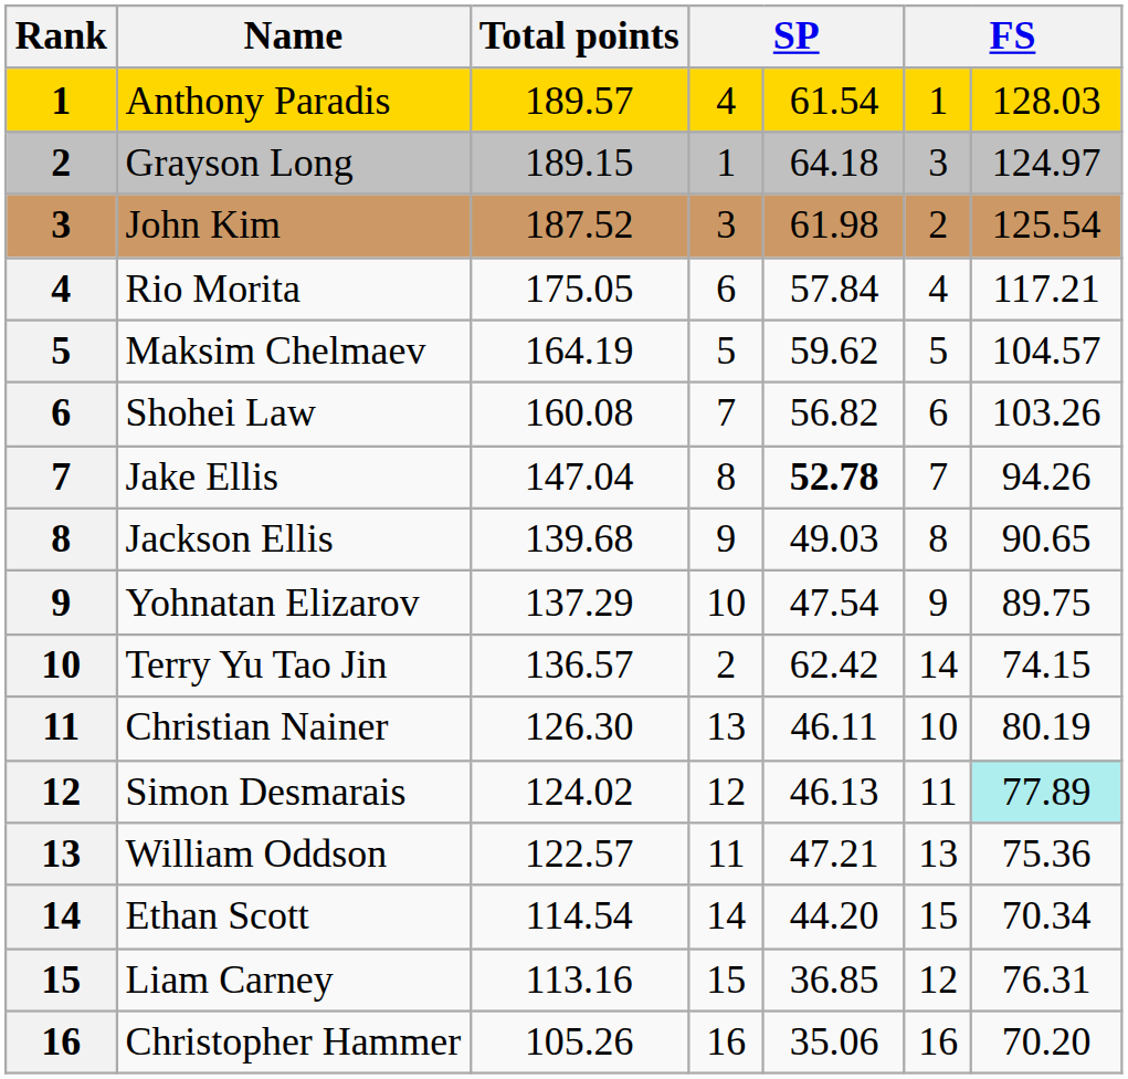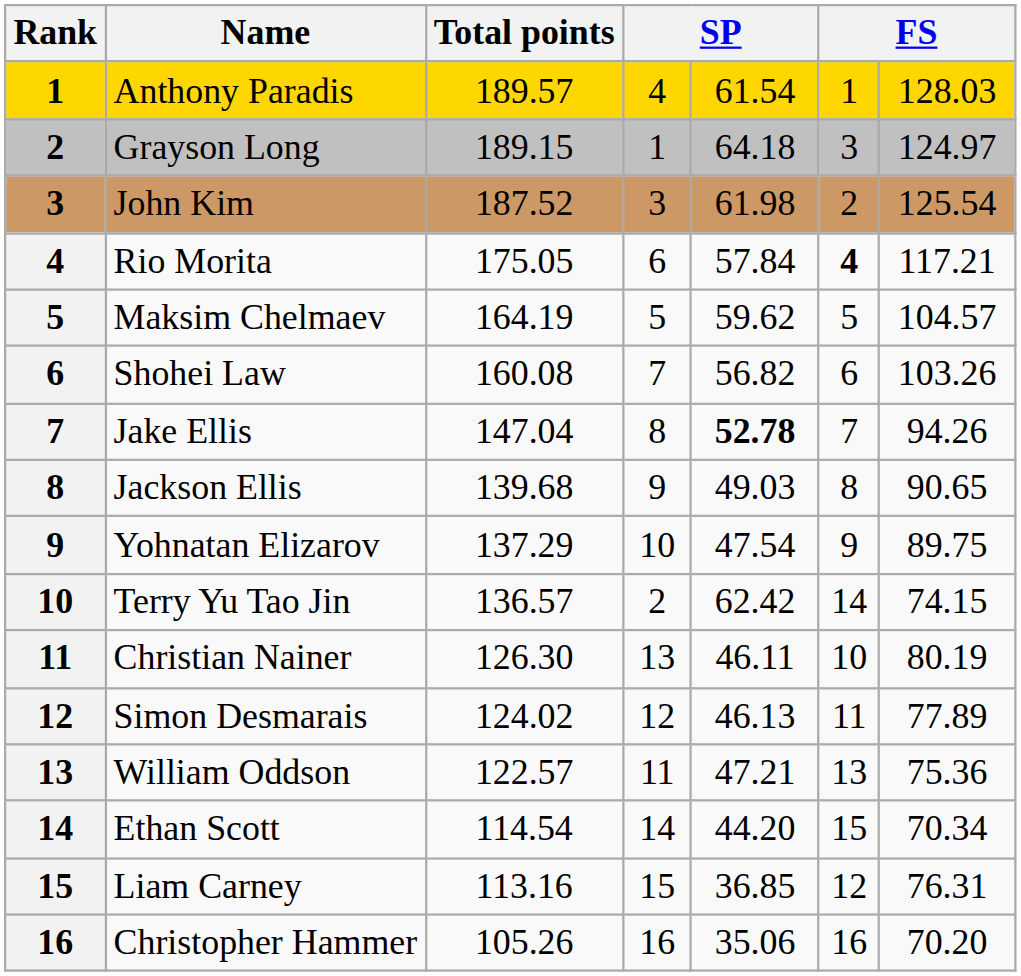 <table class="wikitable sortable">
 <tr>
 <th>Rank</th>
 <th>Name</th>
 <th>Total points</th>
 <th colspan="2" width="80px"><a href='#'>SP</a></th>
 <th colspan="2" width="80px"><a href='#'>FS</a></th>
 </tr>
 <tr bgcolor="gold">
 <td align="center"><strong>1</strong></td>
 <td>Anthony Paradis</td>
 <td align="center">189.57</td>
 <td align="center">4</td>
 <td align="center">61.54</td>
 <td align="center">1</td>
 <td align="center">128.03</td>
 </tr>
 <tr bgcolor="silver">
 <td align="center"><strong>2</strong></td>
 <td>Grayson Long</td>
 <td align="center">189.15</td>
 <td align="center">1</td>
 <td align="center">64.18</td>
 <td align="center">3</td>
 <td align="center">124.97</td>
 </tr>
 <tr bgcolor="cc9966">
 <td align="center"><strong>3</strong></td>
 <td>John Kim</td>
 <td align="center">187.52</td>
 <td align="center">3</td>
 <td align="center">61.98</td>
 <td align="center">2</td>
 <td align="center">125.54</td>
 </tr>
 <tr>
 <th>4</th>
 <td>Rio Morita</td>
 <td align="center">175.05</td>
 <td align="center">6</td>
 <td align="center">57.84</td>
-<td align="center">4</td>
+<td align="center"><strong>4</strong></td>
 <td align="center">117.21</td>
 </tr>
 <tr>
 <th>5</th>
 <td>Maksim Chelmaev</td>
 <td align="center">164.19</td>
 <td align="center">5</td>
 <td align="center">59.62</td>
 <td align="center">5</td>
 <td align="center">104.57</td>
 </tr>
 <tr>
 <th>6</th>
 <td>Shohei Law</td>
 <td align="center">160.08</td>
 <td align="center">7</td>
 <td align="center">56.82</td>
 <td align="center">6</td>
 <td align="center">103.26</td>
 </tr>
 <tr>
 <th>7</th>
 <td>Jake Ellis</td>
 <td align="center">147.04</td>
 <td align="center">8</td>
 <td align="center"><strong>52.78</strong></td>
 <td align="center">7</td>
 <td align="center">94.26</td>
 </tr>
 <tr>
 <th>8</th>
 <td>Jackson Ellis</td>
 <td align="center">139.68</td>
 <td align="center">9</td>
 <td align="center">49.03</td>
 <td align="center">8</td>
 <td align="center">90.65</td>
 </tr>
 <tr>
 <th>9</th>
 <td>Yohnatan Elizarov</td>
 <td align="center">137.29</td>
 <td align="center">10</td>
 <td align="center">47.54</td>
 <td align="center">9</td>
 <td align="center">89.75</td>
 </tr>
 <tr>
 <th>10</th>
 <td>Terry Yu Tao Jin</td>
 <td align="center">136.57</td>
 <td align="center">2</td>
 <td align="center">62.42</td>
 <td align="center">14</td>
 <td align="center">74.15</td>
 </tr>
 <tr>
 <th>11</th>
 <td>Christian Nainer</td>
 <td align="center">126.30</td>
 <td align="center">13</td>
 <td align="center">46.11</td>
 <td align="center">10</td>
 <td align="center">80.19</td>
 </tr>
 <tr>
 <th>12</th>
 <td>Simon Desmarais</td>
 <td align="center">124.02</td>
 <td align="center">12</td>
 <td align="center">46.13</td>
 <td align="center">11</td>
-<td align="center" style="background: paleturquoise;">77.89</td>
+<td align="center">77.89</td>
 </tr>
 <tr>
 <th>13</th>
 <td>William Oddson</td>
 <td align="center">122.57</td>
 <td align="center">11</td>
 <td align="center">47.21</td>
 <td align="center">13</td>
 <td align="center">75.36</td>
 </tr>
 <tr>
 <th>14</th>
 <td>Ethan Scott</td>
 <td align="center">114.54</td>
 <td align="center">14</td>
 <td align="center">44.20</td>
 <td align="center">15</td>
 <td align="center">70.34</td>
 </tr>
 <tr>
 <th>15</th>
 <td>Liam Carney</td>
 <td align="center">113.16</td>
 <td align="center">15</td>
 <td align="center">36.85</td>
 <td align="center">12</td>
 <td align="center">76.31</td>
 </tr>
 <tr>
 <th>16</th>
 <td>Christopher Hammer</td>
 <td align="center">105.26</td>
 <td align="center">16</td>
 <td align="center">35.06</td>
 <td align="center">16</td>
 <td align="center">70.20</td>
 </tr>
 </table>
